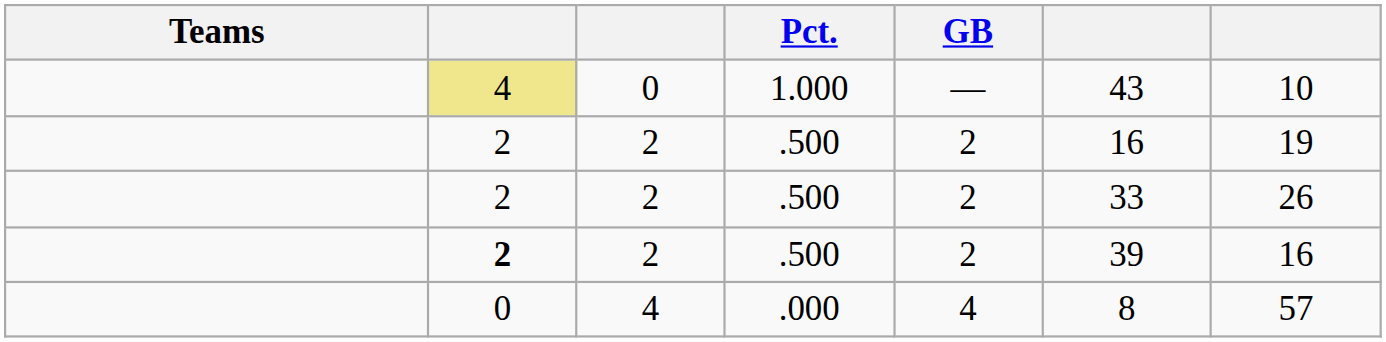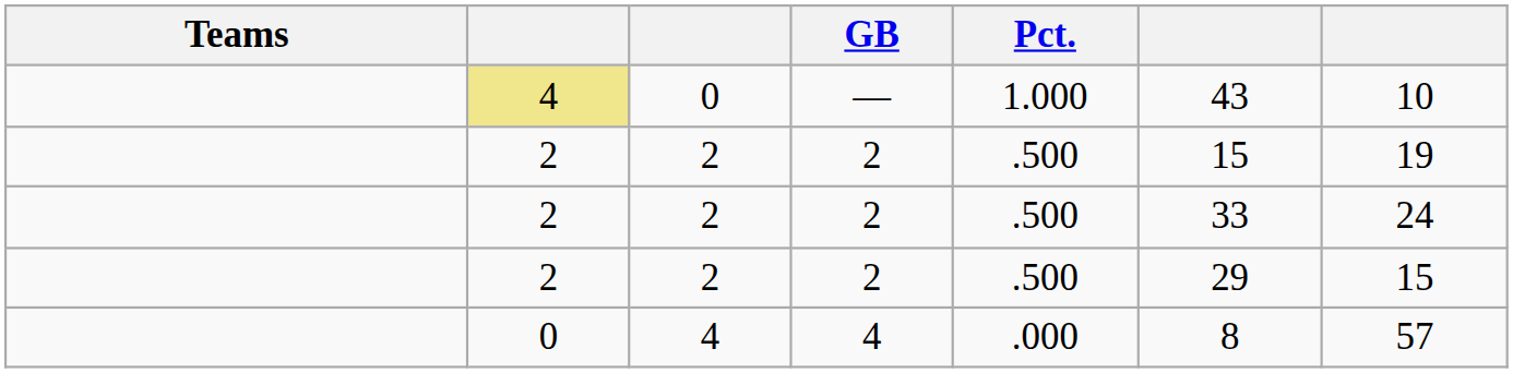 <table class="wikitable" width="50%" style="text-align:center;">
 <tr>
 <th width="20%">Teams</th>
 <th width="7%"></th>
 <th width="7%"></th>
+<th width="7%"><a href='#'>GB</a></th>
 <th width="8%"><a href='#'>Pct.</a></th>
-<th width="7%"><a href='#'>GB</a></th>
 <th width="8%"></th>
 <th width="8%"></th>
 </tr>
 <tr>
 <td align=left></td>
 <td style="background: khaki;">4</td>
 <td>0</td>
+<td>—</td>
 <td>1.000</td>
-<td>—</td>
 <td>43</td>
 <td>10</td>
 </tr>
 <tr>
 <td align=left></td>
 <td>2</td>
 <td>2</td>
+<td>2</td>
 <td>.500</td>
-<td>2</td>
-<td>16</td>
+<td>15</td>
 <td>19</td>
 </tr>
 <tr>
 <td align=left></td>
 <td>2</td>
 <td>2</td>
+<td>2</td>
 <td>.500</td>
-<td>2</td>
 <td>33</td>
-<td>26</td>
+<td>24</td>
 </tr>
 <tr>
 <td align=left></td>
-<td><strong>2</strong></td>
+<td>2</td>
+<td>2</td>
 <td>2</td>
 <td>.500</td>
-<td>2</td>
-<td>39</td>
-<td>16</td>
+<td>29</td>
+<td>15</td>
 </tr>
 <tr>
 <td align=left></td>
 <td>0</td>
 <td>4</td>
+<td>4</td>
 <td>.000</td>
-<td>4</td>
 <td>8</td>
 <td>57</td>
 </tr>
 </table>
